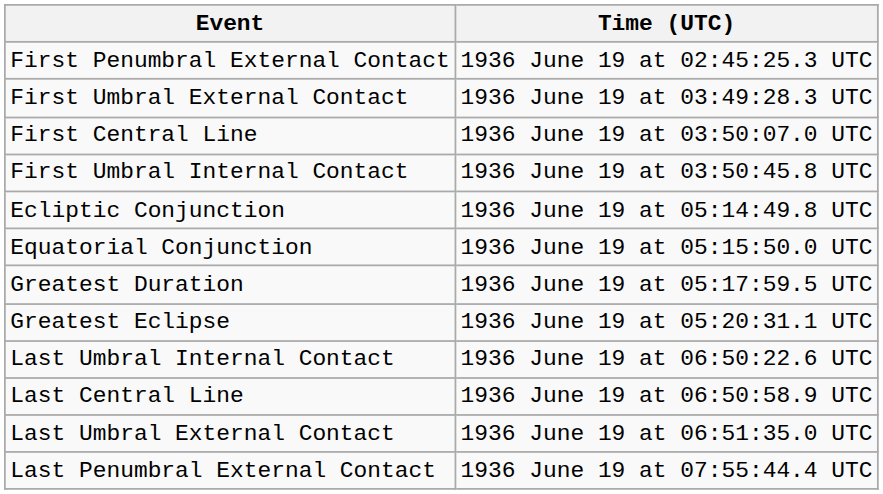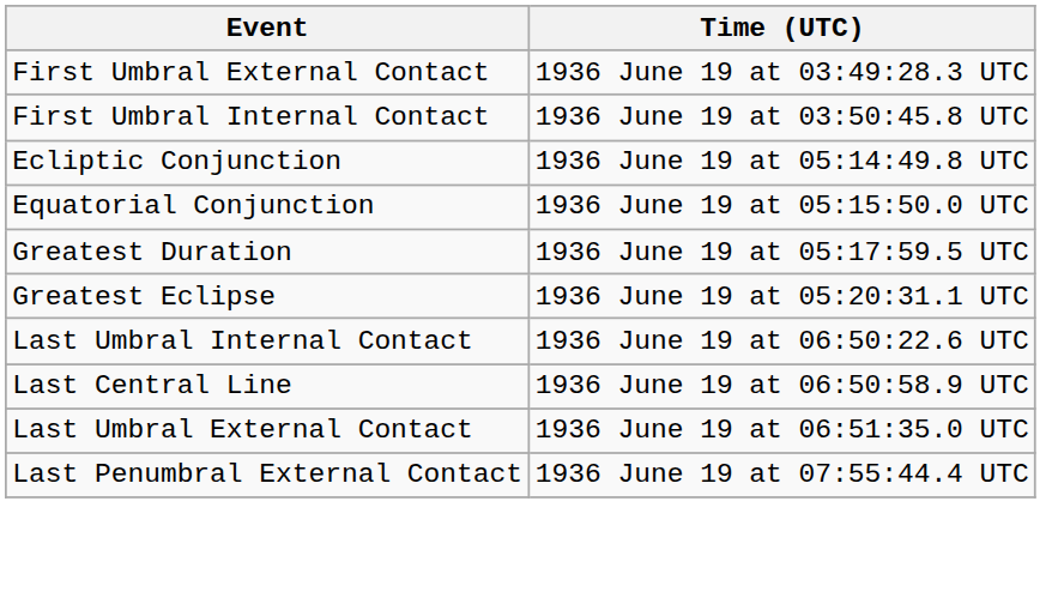 <table class="wikitable">
 <tr>
 <th>Event</th>
 <th>Time (UTC)</th>
 </tr>
 <tr>
-<td>First Penumbral External Contact</td>
-<td>1936 June 19 at 02:45:25.3 UTC</td>
-</tr>
-<tr>
 <td>First Umbral External Contact</td>
 <td>1936 June 19 at 03:49:28.3 UTC</td>
-</tr>
-<tr>
-<td>First Central Line</td>
-<td>1936 June 19 at 03:50:07.0 UTC</td>
 </tr>
 <tr>
 <td>First Umbral Internal Contact</td>
 <td>1936 June 19 at 03:50:45.8 UTC</td>
 </tr>
 <tr>
 <td>Ecliptic Conjunction</td>
 <td>1936 June 19 at 05:14:49.8 UTC</td>
 </tr>
 <tr>
 <td>Equatorial Conjunction</td>
 <td>1936 June 19 at 05:15:50.0 UTC</td>
 </tr>
 <tr>
 <td>Greatest Duration</td>
 <td>1936 June 19 at 05:17:59.5 UTC</td>
 </tr>
 <tr>
 <td>Greatest Eclipse</td>
 <td>1936 June 19 at 05:20:31.1 UTC</td>
 </tr>
 <tr>
 <td>Last Umbral Internal Contact</td>
 <td>1936 June 19 at 06:50:22.6 UTC</td>
 </tr>
 <tr>
 <td>Last Central Line</td>
 <td>1936 June 19 at 06:50:58.9 UTC</td>
 </tr>
 <tr>
 <td>Last Umbral External Contact</td>
 <td>1936 June 19 at 06:51:35.0 UTC</td>
 </tr>
 <tr>
 <td>Last Penumbral External Contact</td>
 <td>1936 June 19 at 07:55:44.4 UTC</td>
 </tr>
 </table>
